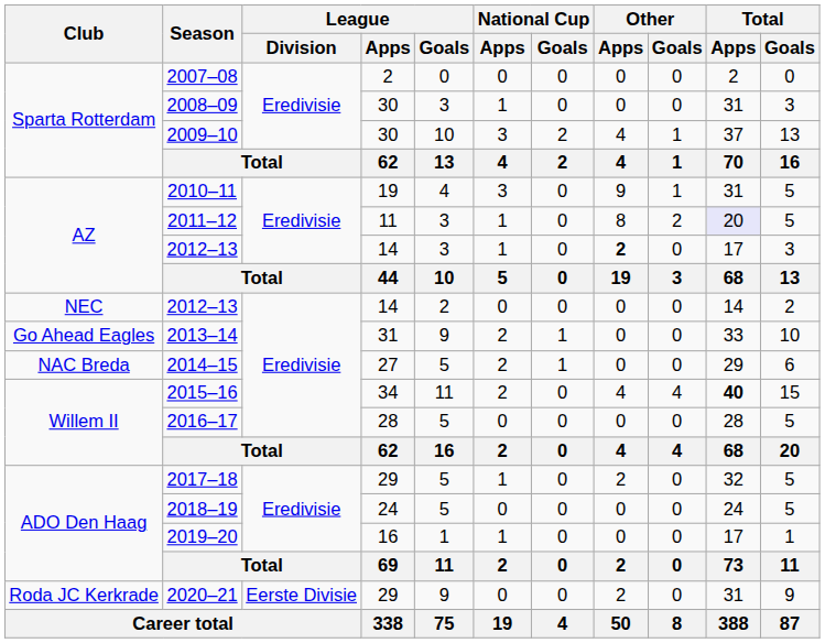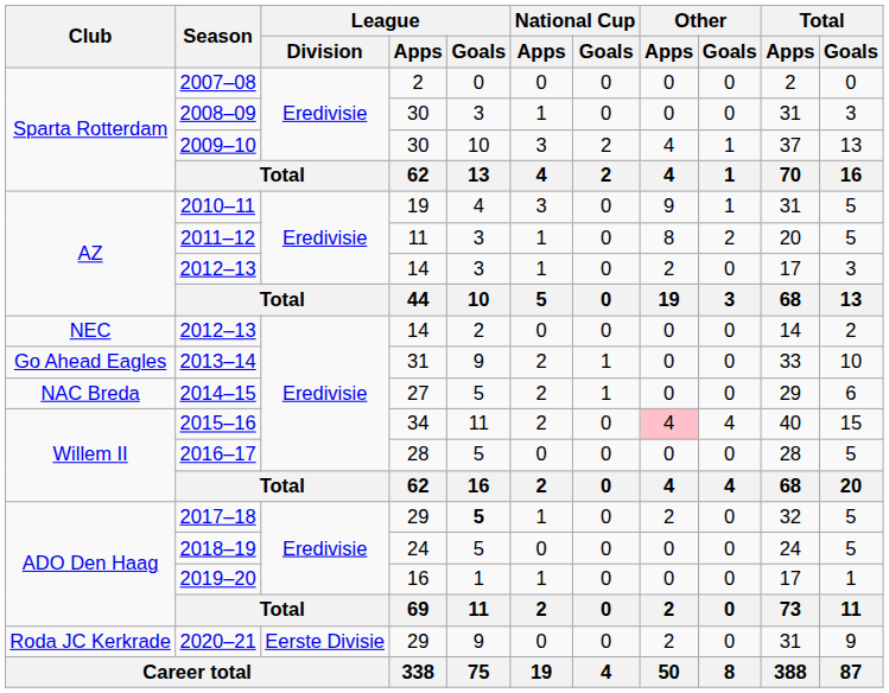 <table class="wikitable" style="text-align: center;">
 <tr>
 <th rowspan="2">Club</th>
 <th rowspan="2">Season</th>
 <th colspan="3">League</th>
 <th colspan="2">National Cup</th>
 <th colspan="2">Other</th>
 <th colspan="2">Total</th>
 </tr>
 <tr>
 <th>Division</th>
 <th>Apps</th>
 <th>Goals</th>
 <th>Apps</th>
 <th>Goals</th>
 <th>Apps</th>
 <th>Goals</th>
 <th>Apps</th>
 <th>Goals</th>
 </tr>
 <tr>
 <td rowspan="4" valign="center"><a href='#'>Sparta Rotterdam</a></td>
 <td><a href='#'>2007–08</a></td>
 <td rowspan="3" valign="center"><a href='#'>Eredivisie</a></td>
 <td>2</td>
 <td>0</td>
 <td>0</td>
 <td>0</td>
 <td>0</td>
 <td>0</td>
 <td>2</td>
 <td>0</td>
 </tr>
 <tr>
 <td><a href='#'>2008–09</a></td>
 <td>30</td>
 <td>3</td>
 <td>1</td>
 <td>0</td>
 <td>0</td>
 <td>0</td>
 <td>31</td>
 <td>3</td>
 </tr>
 <tr>
 <td><a href='#'>2009–10</a></td>
 <td>30</td>
 <td>10</td>
 <td>3</td>
 <td>2</td>
 <td>4</td>
 <td>1</td>
 <td>37</td>
 <td>13</td>
 </tr>
 <tr>
 <th colspan="2">Total</th>
 <th>62</th>
 <th>13</th>
 <th>4</th>
 <th>2</th>
 <th>4</th>
 <th>1</th>
 <th>70</th>
 <th>16</th>
 </tr>
 <tr>
 <td rowspan="4" valign="center"><a href='#'>AZ</a></td>
 <td><a href='#'>2010–11</a></td>
 <td rowspan="3" valign="center"><a href='#'>Eredivisie</a></td>
 <td>19</td>
 <td>4</td>
 <td>3</td>
 <td>0</td>
 <td>9</td>
 <td>1</td>
 <td>31</td>
 <td>5</td>
 </tr>
 <tr>
 <td><a href='#'>2011–12</a></td>
 <td>11</td>
 <td>3</td>
 <td>1</td>
 <td>0</td>
 <td>8</td>
 <td>2</td>
-<td style="background: lavender;">20</td>
+<td>20</td>
 <td>5</td>
 </tr>
 <tr>
 <td><a href='#'>2012–13</a></td>
 <td>14</td>
 <td>3</td>
 <td>1</td>
 <td>0</td>
-<td><strong>2</strong></td>
+<td>2</td>
 <td>0</td>
 <td>17</td>
 <td>3</td>
 </tr>
 <tr>
 <th colspan="2">Total</th>
 <th>44</th>
 <th>10</th>
 <th>5</th>
 <th>0</th>
 <th>19</th>
 <th>3</th>
 <th>68</th>
 <th>13</th>
 </tr>
 <tr>
 <td rowspan="1" valign="center"><a href='#'>NEC</a></td>
 <td><a href='#'>2012–13</a></td>
 <td rowspan="5" valign="center"><a href='#'>Eredivisie</a></td>
 <td>14</td>
 <td>2</td>
 <td>0</td>
 <td>0</td>
 <td>0</td>
 <td>0</td>
 <td>14</td>
 <td>2</td>
 </tr>
 <tr>
 <td rowspan="1" valign="center"><a href='#'>Go Ahead Eagles</a></td>
 <td><a href='#'>2013–14</a></td>
 <td>31</td>
 <td>9</td>
 <td>2</td>
 <td>1</td>
 <td>0</td>
 <td>0</td>
 <td>33</td>
 <td>10</td>
 </tr>
 <tr>
 <td rowspan="1" valign="center"><a href='#'>NAC Breda</a></td>
 <td><a href='#'>2014–15</a></td>
 <td>27</td>
 <td>5</td>
 <td>2</td>
 <td>1</td>
 <td>0</td>
 <td>0</td>
 <td>29</td>
 <td>6</td>
 </tr>
 <tr>
 <td rowspan="3" valign="center"><a href='#'>Willem II</a></td>
 <td><a href='#'>2015–16</a></td>
 <td>34</td>
 <td>11</td>
 <td>2</td>
 <td>0</td>
+<td style="background: pink;">4</td>
 <td>4</td>
-<td>4</td>
-<td><strong>40</strong></td>
+<td>40</td>
 <td>15</td>
 </tr>
 <tr>
 <td><a href='#'>2016–17</a></td>
 <td>28</td>
 <td>5</td>
 <td>0</td>
 <td>0</td>
 <td>0</td>
 <td>0</td>
 <td>28</td>
 <td>5</td>
 </tr>
 <tr>
 <th colspan="2">Total</th>
 <th>62</th>
 <th>16</th>
 <th>2</th>
 <th>0</th>
 <th>4</th>
 <th>4</th>
 <th>68</th>
 <th>20</th>
 </tr>
 <tr>
 <td rowspan="4" valign="center"><a href='#'>ADO Den Haag</a></td>
 <td><a href='#'>2017–18</a></td>
 <td rowspan="3" valign="center"><a href='#'>Eredivisie</a></td>
 <td>29</td>
-<td>5</td>
+<td><strong>5</strong></td>
 <td>1</td>
 <td>0</td>
 <td>2</td>
 <td>0</td>
 <td>32</td>
 <td>5</td>
 </tr>
 <tr>
 <td><a href='#'>2018–19</a></td>
 <td>24</td>
 <td>5</td>
 <td>0</td>
 <td>0</td>
 <td>0</td>
 <td>0</td>
 <td>24</td>
 <td>5</td>
 </tr>
 <tr>
 <td><a href='#'>2019–20</a></td>
 <td>16</td>
 <td>1</td>
 <td>1</td>
 <td>0</td>
 <td>0</td>
 <td>0</td>
 <td>17</td>
 <td>1</td>
 </tr>
 <tr>
 <th colspan="2">Total</th>
 <th>69</th>
 <th>11</th>
 <th>2</th>
 <th>0</th>
 <th>2</th>
 <th>0</th>
 <th>73</th>
 <th>11</th>
 </tr>
 <tr>
 <td rowspan="1" valign="center"><a href='#'>Roda JC Kerkrade</a></td>
 <td><a href='#'>2020–21</a></td>
 <td rowspan="1" valign="center"><a href='#'>Eerste Divisie</a></td>
 <td>29</td>
 <td>9</td>
 <td>0</td>
 <td>0</td>
 <td>2</td>
 <td>0</td>
 <td>31</td>
 <td>9</td>
 </tr>
 <tr>
 <th colspan="3">Career total</th>
 <th>338</th>
 <th>75</th>
 <th>19</th>
 <th>4</th>
 <th>50</th>
 <th>8</th>
 <th>388</th>
 <th>87</th>
 </tr>
 </table>
